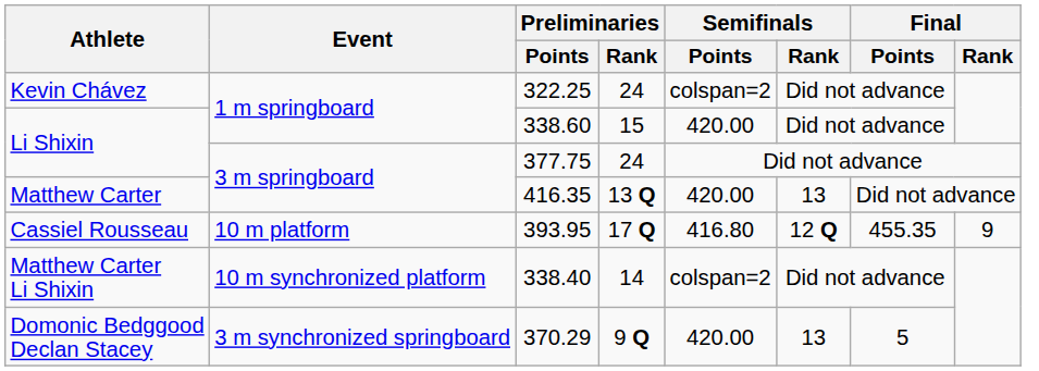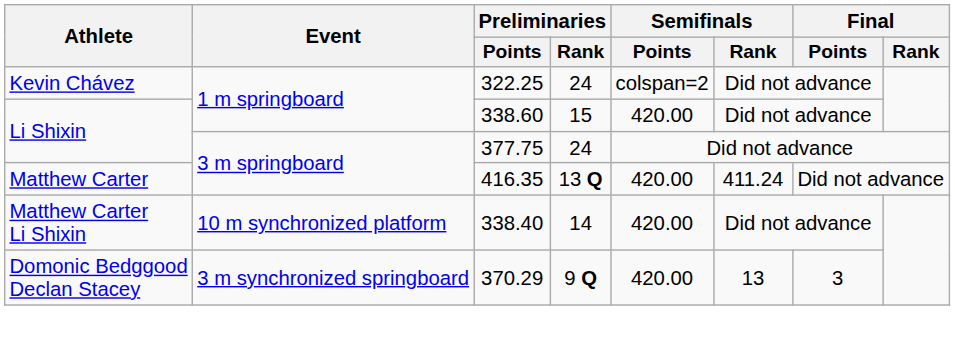 <table class="wikitable" style="text-align:center; font-size:90%">
 <tr>
 <th rowspan=2>Athlete</th>
 <th rowspan=2>Event</th>
 <th colspan=2>Preliminaries</th>
 <th colspan=2>Semifinals</th>
 <th colspan=2>Final</th>
 </tr>
 <tr style="font-size:95%">
 <th>Points</th>
 <th>Rank</th>
 <th>Points</th>
 <th>Rank</th>
 <th>Points</th>
 <th>Rank</th>
 </tr>
 <tr>
 <td align=left><a href='#'>Kevin Chávez</a></td>
 <td align=left rowspan=2><a href='#'>1 m springboard</a></td>
 <td>322.25</td>
 <td>24</td>
 <td>colspan=2 </td>
 <td colspan=2>Did not advance</td>
 </tr>
 <tr>
 <td align=left rowspan=2><a href='#'>Li Shixin</a></td>
 <td>338.60</td>
 <td>15</td>
 <td>420.00</td>
 <td colspan=2>Did not advance</td>
 </tr>
 <tr>
 <td rowspan=2 align=left><a href='#'>3 m springboard</a></td>
 <td>377.75</td>
 <td>24</td>
 <td colspan=4>Did not advance</td>
 </tr>
 <tr>
 <td align=left><a href='#'>Matthew Carter</a></td>
 <td>416.35</td>
 <td>13 <strong>Q</strong></td>
 <td>420.00</td>
-<td>13</td>
+<td>411.24</td>
 <td colspan=2>Did not advance</td>
-</tr>
-<tr>
-<td align=left><a href='#'>Cassiel Rousseau</a></td>
-<td align=left><a href='#'>10 m platform</a></td>
-<td>393.95</td>
-<td>17 <strong>Q</strong></td>
-<td>416.80</td>
-<td>12 <strong>Q</strong></td>
-<td>455.35</td>
-<td>9</td>
 </tr>
 <tr>
 <td align=left><a href='#'>Matthew Carter</a><br><a href='#'>Li Shixin</a></td>
 <td align=left><a href='#'>10 m synchronized platform</a></td>
 <td>338.40</td>
 <td>14</td>
-<td>colspan=2 </td>
+<td>420.00</td>
 <td colspan=2>Did not advance</td>
 </tr>
 <tr>
 <td align=left><a href='#'>Domonic Bedggood</a><br><a href='#'>Declan Stacey</a></td>
 <td align=left><a href='#'>3 m synchronized springboard</a></td>
 <td>370.29</td>
 <td>9 <strong>Q</strong></td>
 <td>420.00</td>
 <td>13</td>
-<td>5</td>
+<td>3</td>
 </tr>
 </table>
